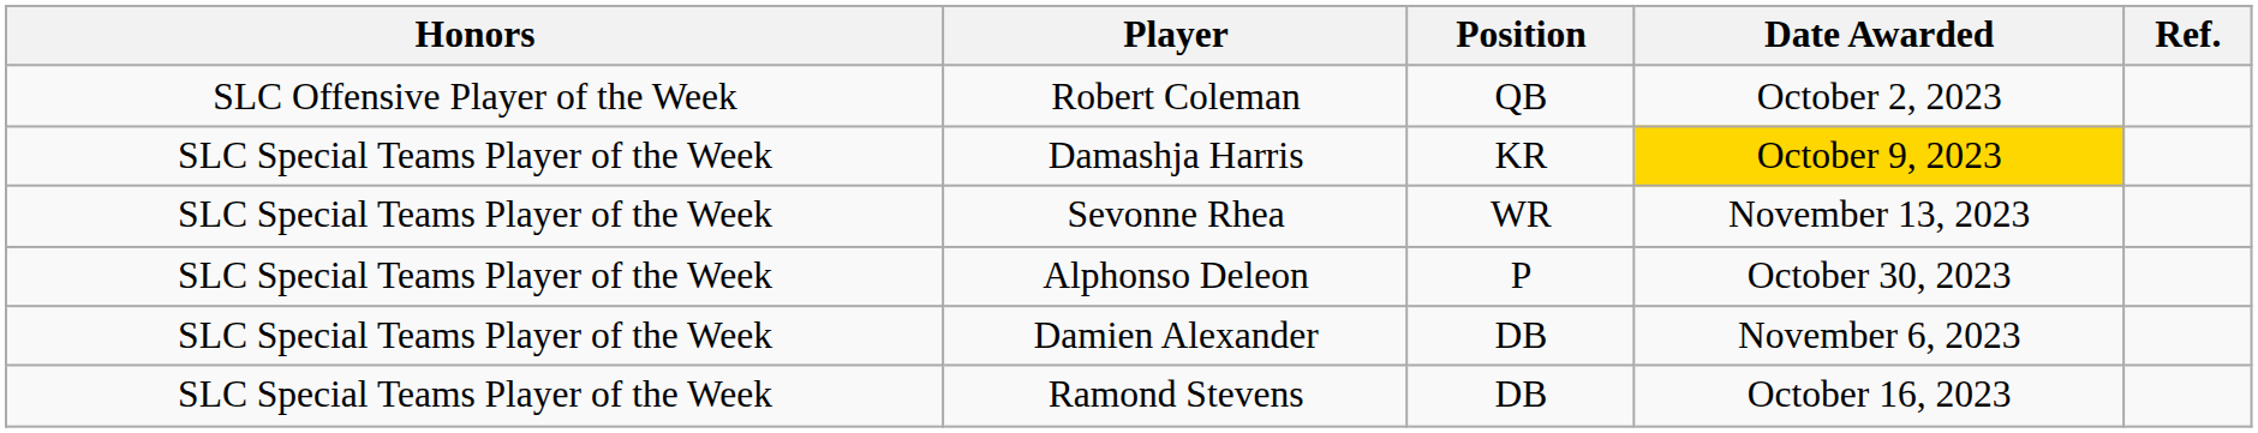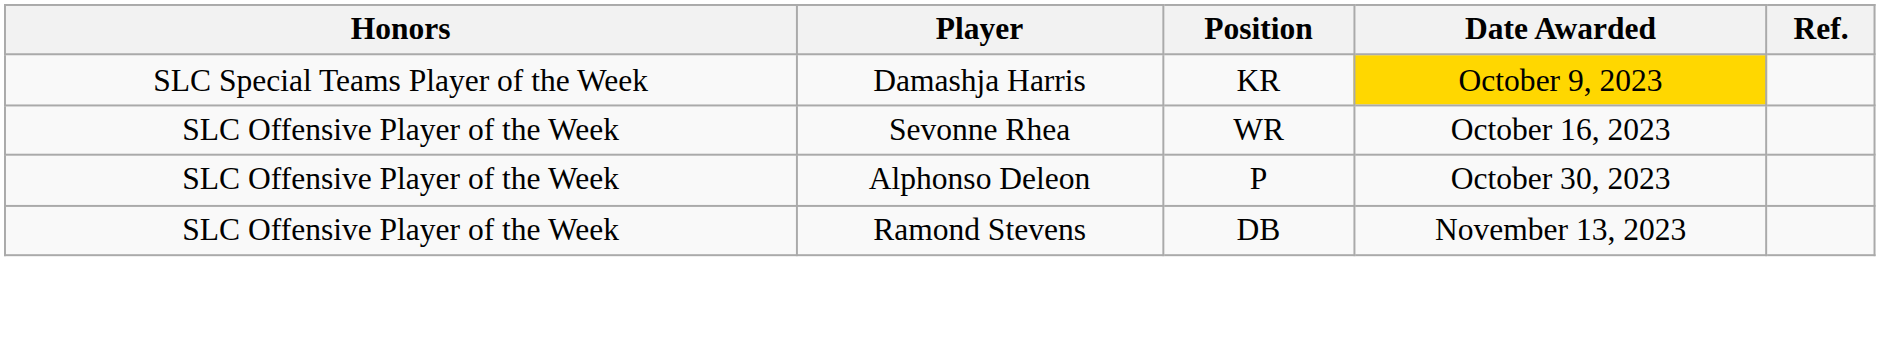 <table class="wikitable" style="width: 60%;text-align: center;">
 <tr>
 <th>Honors</th>
 <th>Player</th>
 <th>Position</th>
 <th>Date Awarded</th>
 <th>Ref.</th>
 </tr>
 <tr align="center">
-<td rowspan="1">SLC Offensive Player of the Week</td>
-<td>Robert Coleman</td>
-<td>QB</td>
-<td>October 2, 2023</td>
-<td></td>
-</tr>
-<tr align="center">
 <td rowspan="1">SLC Special Teams Player of the Week</td>
 <td>Damashja Harris</td>
 <td>KR</td>
 <td style="background: gold;">October 9, 2023</td>
 <td></td>
 </tr>
 <tr align="center">
-<td rowspan="1">SLC Special Teams Player of the Week</td>
+<td rowspan="1">SLC Offensive Player of the Week</td>
 <td>Sevonne Rhea</td>
 <td>WR</td>
-<td>November 13, 2023</td>
+<td>October 16, 2023</td>
 <td></td>
 </tr>
 <tr align="center">
-<td rowspan="1">SLC Special Teams Player of the Week</td>
+<td rowspan="1">SLC Offensive Player of the Week</td>
 <td>Alphonso Deleon</td>
 <td>P</td>
 <td>October 30, 2023</td>
 <td></td>
 </tr>
 <tr align="center">
-<td rowspan="1">SLC Special Teams Player of the Week</td>
-<td>Damien Alexander</td>
-<td>DB</td>
-<td>November 6, 2023</td>
-<td></td>
-</tr>
-<tr align="center">
-<td rowspan="1">SLC Special Teams Player of the Week</td>
+<td rowspan="1">SLC Offensive Player of the Week</td>
 <td>Ramond Stevens</td>
 <td>DB</td>
-<td>October 16, 2023</td>
+<td>November 13, 2023</td>
 <td></td>
 </tr>
 </table>
